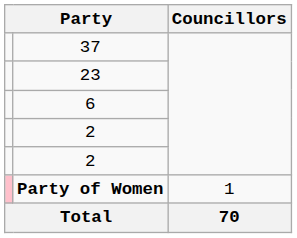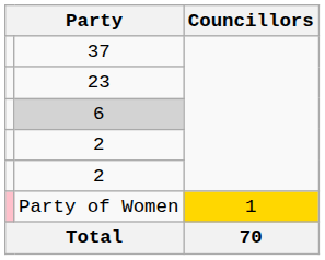 <table class="wikitable">
 <tr>
 <th colspan=2>Party</th>
 <th>Councillors</th>
 </tr>
 <tr>
 <td></td>
 <td align=center>37</td>
 </tr>
 <tr>
 <td></td>
 <td align=center>23</td>
 </tr>
 <tr>
 <td></td>
-<td align=center>6</td>
+<td align=center style="background: lightgrey;">6</td>
 </tr>
 <tr>
 <td></td>
 <td align=center>2</td>
 </tr>
 <tr>
 <td></td>
 <td align=center>2</td>
 </tr>
 <tr>
 <td style="background:pink"></td>
-<td><strong>Party of Women</strong></td>
-<td align=center>1</td>
+<td>Party of Women</td>
+<td align=center style="background: gold;">1</td>
 </tr>
 <tr>
 <th colspan=2>Total</th>
 <th>70</th>
 </tr>
 </table>
